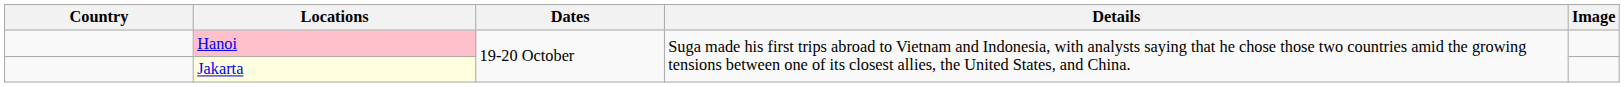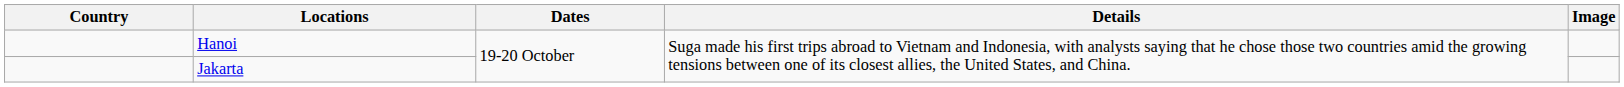 <table class="wikitable sortable" border="1" style="margin: 1em auto 1em auto">
 <tr>
 <th scope="col" style="width: 12%;">Country</th>
 <th scope="col" style="width: 18%;">Locations</th>
 <th scope="col" style="width: 12%;">Dates</th>
 <th class="unsortable" scope="col" style="width: 58%;">Details</th>
 <th>Image</th>
 </tr>
 <tr>
 <td></td>
-<td style="background: pink;"><a href='#'>Hanoi</a></td>
+<td><a href='#'>Hanoi</a></td>
 <td rowspan=2>19-20 October</td>
 <td rowspan=2>Suga made his first trips abroad to Vietnam and Indonesia, with analysts saying that he chose those two countries amid the growing tensions between one of its closest allies, the United States, and China.</td>
 <td></td>
 </tr>
 <tr>
 <td></td>
-<td style="background: lightyellow;"><a href='#'>Jakarta</a></td>
+<td><a href='#'>Jakarta</a></td>
 <td></td>
 </tr>
 </table>
